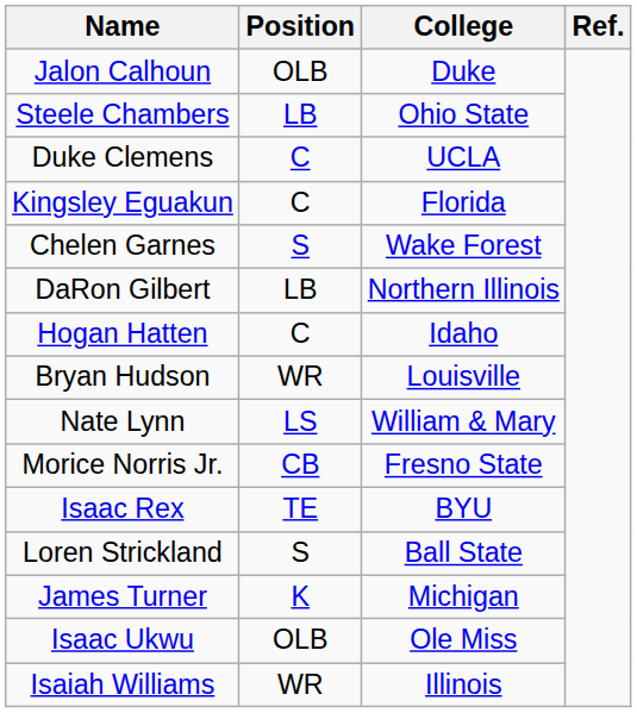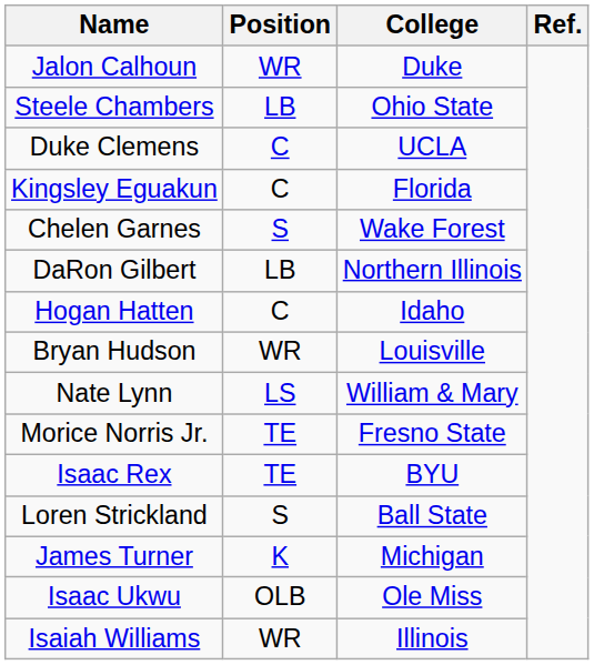 <table class="wikitable" style="text-align:center">
 <tr>
 <th>Name</th>
 <th>Position</th>
 <th>College</th>
 <th>Ref.</th>
 </tr>
 <tr>
 <td><a href='#'>Jalon Calhoun</a></td>
-<td>OLB</td>
+<td><a href='#'>WR</a></td>
 <td><a href='#'>Duke</a></td>
 <td rowspan="15"></td>
 </tr>
 <tr>
 <td><a href='#'>Steele Chambers</a></td>
 <td><a href='#'>LB</a></td>
 <td><a href='#'>Ohio State</a></td>
 </tr>
 <tr>
 <td>Duke Clemens</td>
 <td><a href='#'>C</a></td>
 <td><a href='#'>UCLA</a></td>
 </tr>
 <tr>
 <td><a href='#'>Kingsley Eguakun</a></td>
 <td>C</td>
 <td><a href='#'>Florida</a></td>
 </tr>
 <tr>
 <td>Chelen Garnes</td>
 <td><a href='#'>S</a></td>
 <td><a href='#'>Wake Forest</a></td>
 </tr>
 <tr>
 <td>DaRon Gilbert</td>
 <td>LB</td>
 <td><a href='#'>Northern Illinois</a></td>
 </tr>
 <tr>
 <td><a href='#'>Hogan Hatten</a></td>
 <td>C</td>
 <td><a href='#'>Idaho</a></td>
 </tr>
 <tr>
 <td>Bryan Hudson</td>
 <td>WR</td>
 <td><a href='#'>Louisville</a></td>
 </tr>
 <tr>
 <td>Nate Lynn</td>
 <td><a href='#'>LS</a></td>
 <td><a href='#'>William & Mary</a></td>
 </tr>
 <tr>
 <td>Morice Norris Jr.</td>
-<td><a href='#'>CB</a></td>
+<td><a href='#'>TE</a></td>
 <td><a href='#'>Fresno State</a></td>
 </tr>
 <tr>
 <td><a href='#'>Isaac Rex</a></td>
 <td><a href='#'>TE</a></td>
 <td><a href='#'>BYU</a></td>
 </tr>
 <tr>
 <td>Loren Strickland</td>
 <td>S</td>
 <td><a href='#'>Ball State</a></td>
 </tr>
 <tr>
 <td><a href='#'>James Turner</a></td>
 <td><a href='#'>K</a></td>
 <td><a href='#'>Michigan</a></td>
 </tr>
 <tr>
 <td><a href='#'>Isaac Ukwu</a></td>
 <td>OLB</td>
 <td><a href='#'>Ole Miss</a></td>
 </tr>
 <tr>
 <td><a href='#'>Isaiah Williams</a></td>
 <td>WR</td>
 <td><a href='#'>Illinois</a></td>
 </tr>
 </table>
